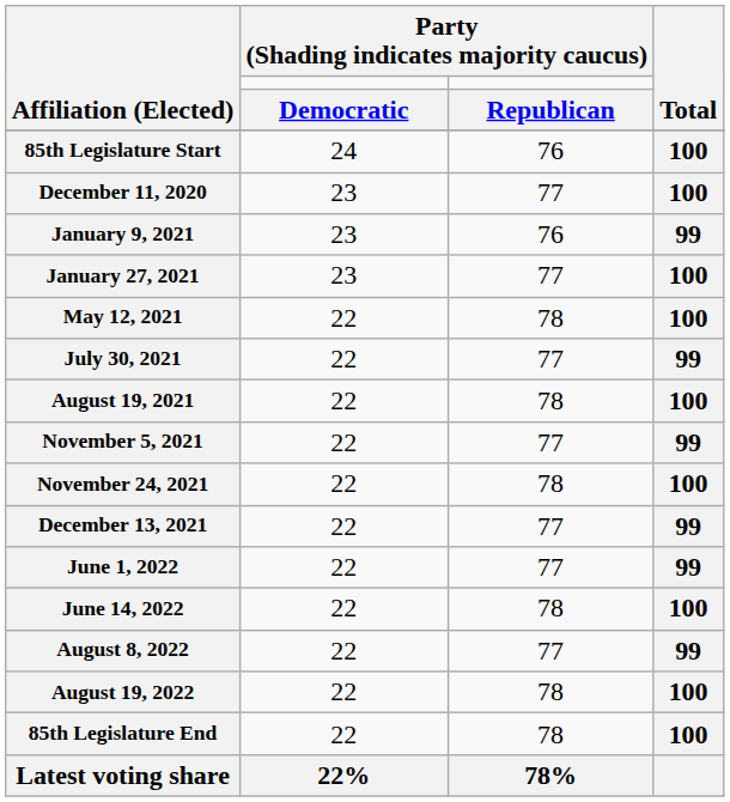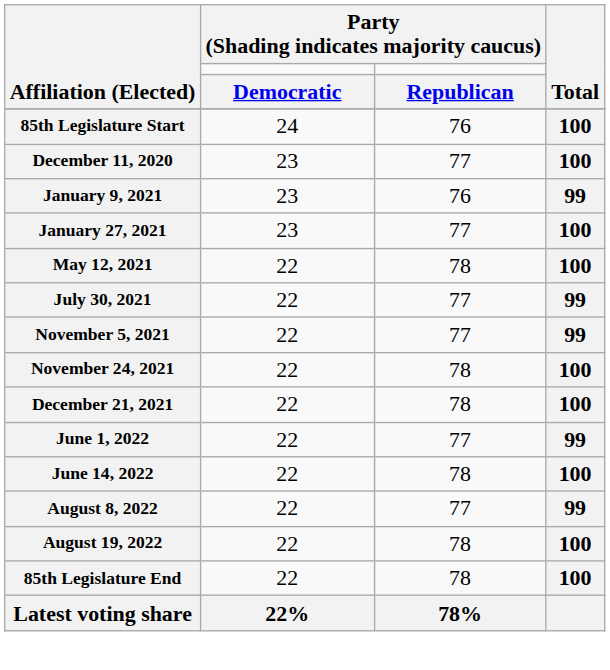 <table class="wikitable" style="text-align:center">
 <tr style="vertical-align:bottom;">
 <th rowspan="3">Affiliation (Elected)</th>
 <th colspan="2">Party <div>(Shading indicates majority caucus)</div></th>
 <th rowspan="3">Total</th>
 </tr>
 <tr style="height:5px">
 <td style="background-color:"></td>
 <td style="background-color:"></td>
 </tr>
 <tr>
 <th><a href='#'>Democratic</a></th>
 <th><a href='#'>Republican</a></th>
 </tr>
 <tr>
 </tr>
 <tr>
 <th nowrap="" style="font-size:80%">85th Legislature Start</th>
 <td>24</td>
 <td>76</td>
 <th>100</th>
 </tr>
 <tr>
 <th nowrap="" style="font-size:80%">December 11, 2020</th>
 <td>23</td>
 <td>77</td>
 <th>100</th>
 </tr>
 <tr>
 <th nowrap="" style="font-size:80%">January 9, 2021</th>
 <td>23</td>
 <td>76</td>
 <th>99</th>
 </tr>
 <tr>
 <th nowrap="" style="font-size:80%">January 27, 2021</th>
 <td>23</td>
 <td>77</td>
 <th>100</th>
 </tr>
 <tr>
 <th nowrap="" style="font-size:80%">May 12, 2021</th>
 <td>22</td>
 <td>78</td>
 <th>100</th>
 </tr>
 <tr>
 <th nowrap="" style="font-size:80%">July 30, 2021</th>
 <td>22</td>
 <td>77</td>
 <th>99</th>
 </tr>
 <tr>
-<th nowrap="" style="font-size:80%">August 19, 2021</th>
-<td>22</td>
-<td>78</td>
-<th>100</th>
-</tr>
-<tr>
 <th nowrap="" style="font-size:80%">November 5, 2021</th>
 <td>22</td>
 <td>77</td>
 <th>99</th>
 </tr>
 <tr>
 <th nowrap="" style="font-size:80%">November 24, 2021</th>
 <td>22</td>
 <td>78</td>
 <th>100</th>
 </tr>
 <tr>
-<th nowrap="" style="font-size:80%">December 13, 2021</th>
+<th nowrap="" style="font-size:80%">December 21, 2021</th>
 <td>22</td>
-<td>77</td>
-<th>99</th>
+<td>78</td>
+<th>100</th>
 </tr>
 <tr>
 <th nowrap="" style="font-size:80%">June 1, 2022</th>
 <td>22</td>
 <td>77</td>
 <th>99</th>
 </tr>
 <tr>
 <th nowrap="" style="font-size:80%">June 14, 2022</th>
 <td>22</td>
 <td>78</td>
 <th>100</th>
 </tr>
 <tr>
 <th nowrap="" style="font-size:80%">August 8, 2022</th>
 <td>22</td>
 <td>77</td>
 <th>99</th>
 </tr>
 <tr>
 <th nowrap="" style="font-size:80%">August 19, 2022</th>
 <td>22</td>
 <td>78</td>
 <th>100</th>
 </tr>
 <tr>
 <th nowrap="" style="font-size:80%">85th Legislature End</th>
 <td>22</td>
 <td>78</td>
 <th>100</th>
 </tr>
 <tr>
 <th>Latest voting share</th>
 <th>22%</th>
 <th>78%</th>
 <th></th>
 </tr>
 </table>
